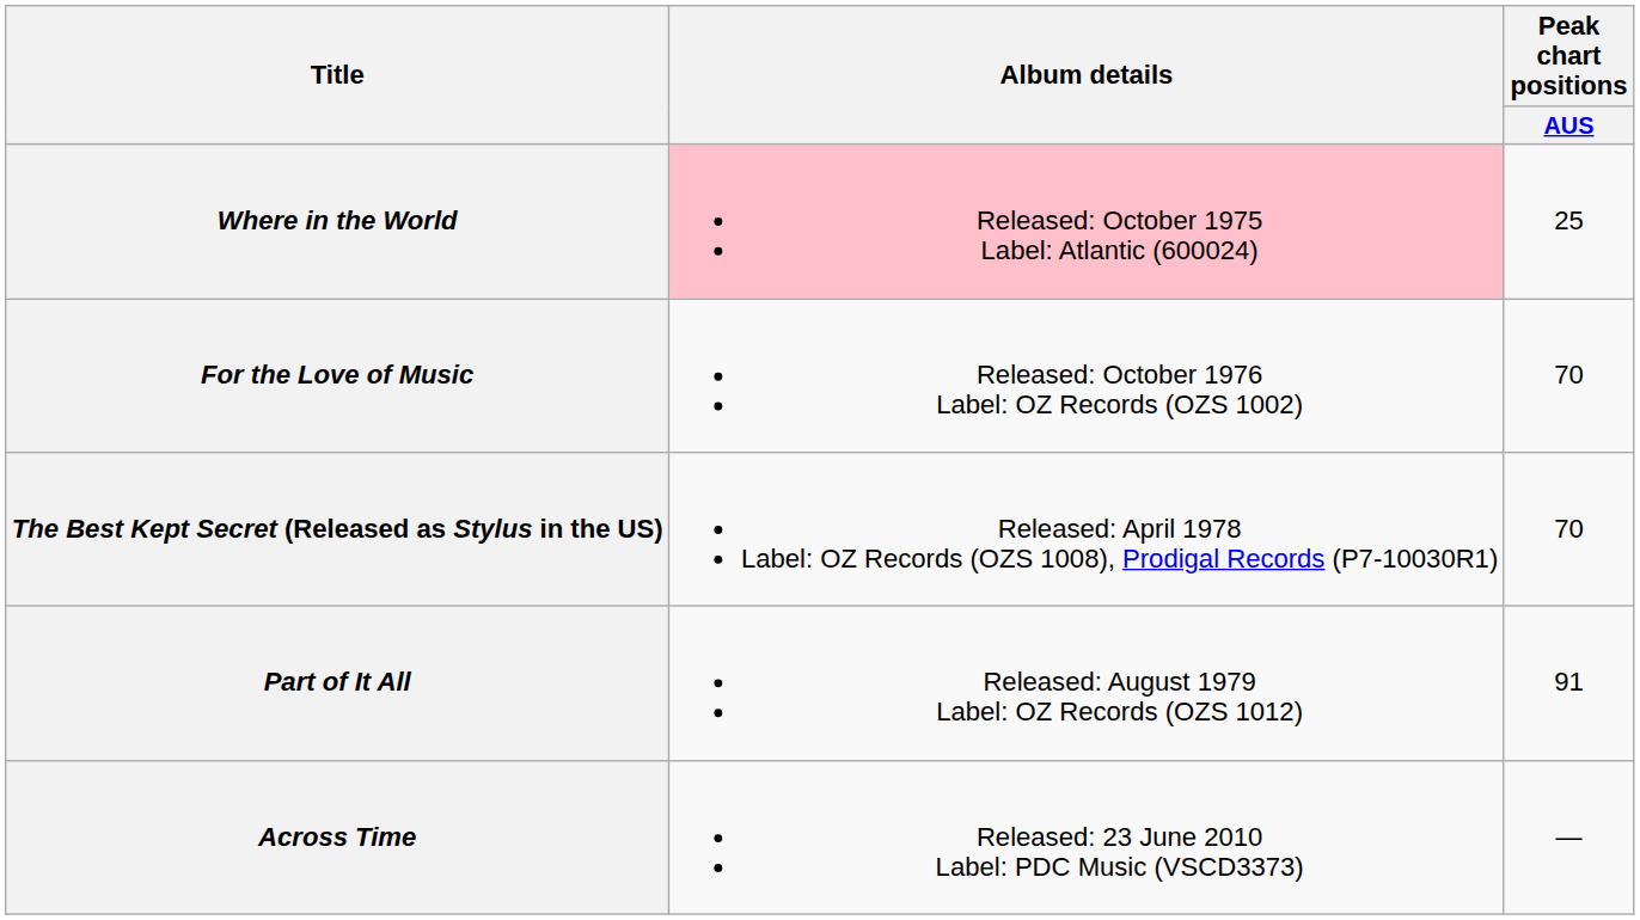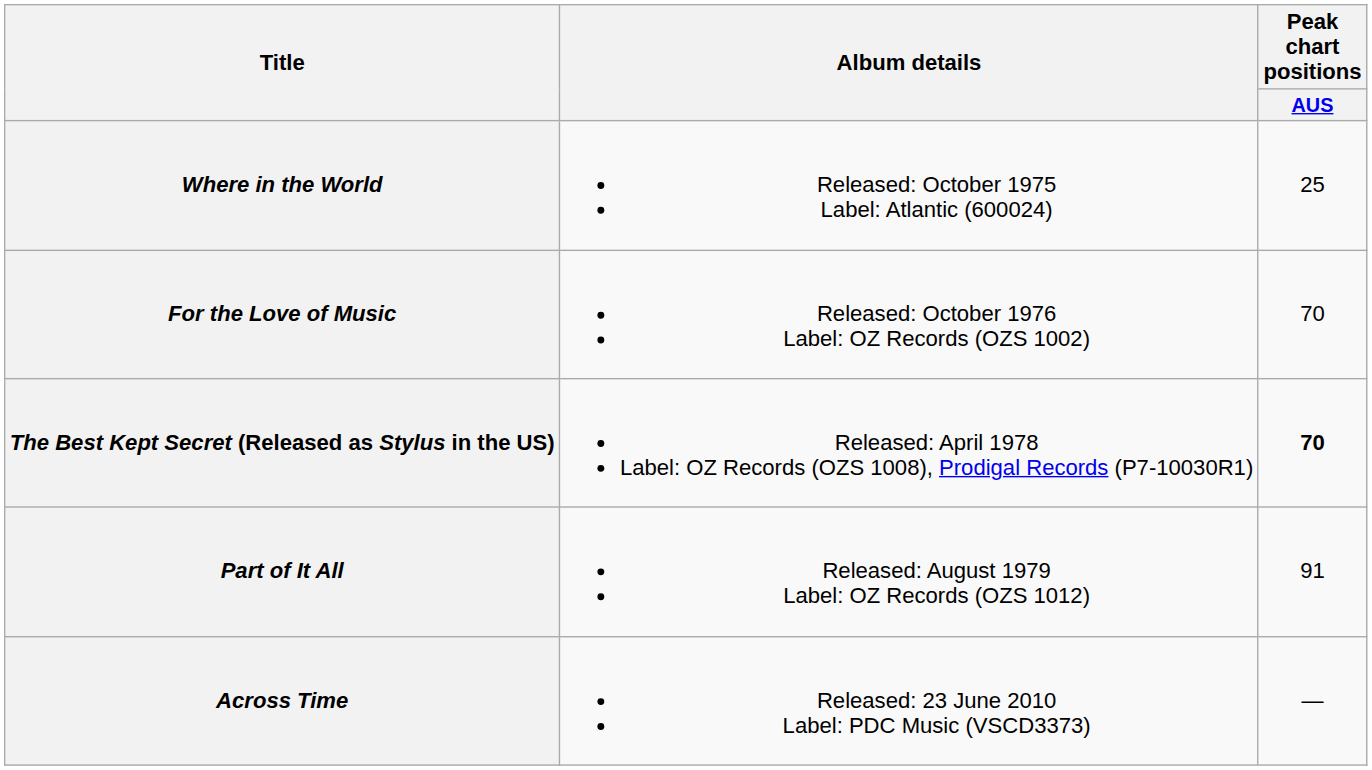 <table class="wikitable plainrowheaders" style="text-align:center">
 <tr>
 <th scope="col" rowspan="2">Title</th>
 <th scope="col" rowspan="2">Album details</th>
 <th scope="col" colspan="1">Peak chart positions</th>
 </tr>
 <tr>
 <th scope="col" style="width:3em; font-size:90%"><a href='#'>AUS</a><br></th>
 </tr>
 <tr>
 <th scope="row"><em>Where in the World</em></th>
-<td style="background: pink;"><br><ul><li>Released: October 1975</li><li>Label: Atlantic (600024)</li></ul></td>
+<td><br><ul><li>Released: October 1975</li><li>Label: Atlantic (600024)</li></ul></td>
 <td>25</td>
 </tr>
 <tr>
 <th scope="row"><em>For the Love of Music</em></th>
 <td><br><ul><li>Released: October 1976</li><li>Label: OZ Records (OZS 1002)</li></ul></td>
 <td>70</td>
 </tr>
 <tr>
 <th scope="row"><em>The Best Kept Secret</em> (Released as <em>Stylus</em> in the US)</th>
 <td><br><ul><li>Released: April 1978</li><li>Label: OZ Records (OZS 1008), <a href='#'>Prodigal Records</a> (P7-10030R1)</li></ul></td>
-<td>70</td>
+<td><strong>70</strong></td>
 </tr>
 <tr>
 <th scope="row"><em>Part of It All</em></th>
 <td><br><ul><li>Released: August 1979</li><li>Label: OZ Records (OZS 1012)</li></ul></td>
 <td>91</td>
 </tr>
 <tr>
 <th scope="row"><em>Across Time</em></th>
 <td><br><ul><li>Released: 23 June 2010</li><li>Label: PDC Music (VSCD3373)</li></ul></td>
 <td>—</td>
 </tr>
 </table>
